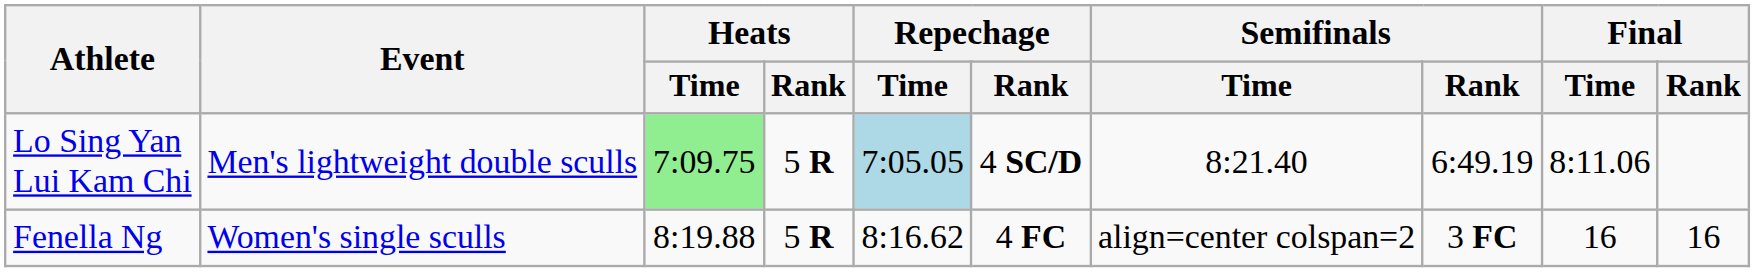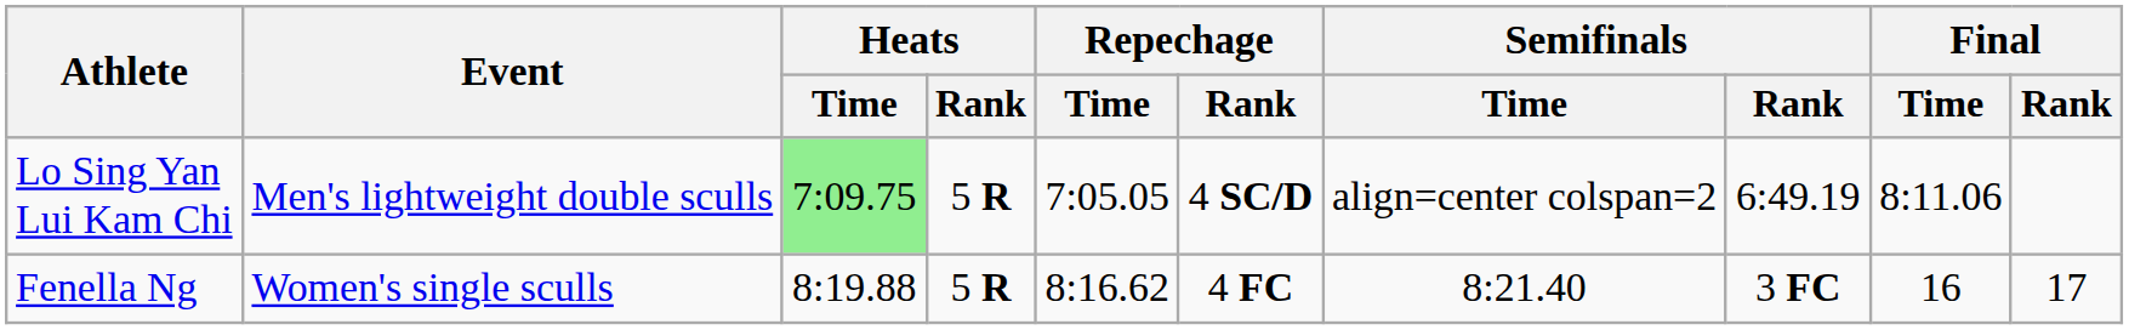 <table class="wikitable" style="font-size:90%;">
 <tr>
 <th rowspan="2">Athlete</th>
 <th rowspan="2">Event</th>
 <th colspan="2">Heats</th>
 <th colspan="2">Repechage</th>
 <th colspan="2">Semifinals</th>
 <th colspan="2">Final</th>
 </tr>
 <tr style="font-size:95%">
 <th>Time</th>
 <th>Rank</th>
 <th>Time</th>
 <th>Rank</th>
 <th>Time</th>
 <th>Rank</th>
 <th>Time</th>
 <th>Rank</th>
 </tr>
 <tr>
 <td align=left><a href='#'>Lo Sing Yan</a><br> <a href='#'>Lui Kam Chi</a></td>
 <td align=left><a href='#'>Men's lightweight double sculls</a></td>
 <td align=center style="background: lightgreen;">7:09.75</td>
 <td align=center>5 <strong>R</strong></td>
-<td align=center style="background: lightblue;">7:05.05</td>
+<td align=center>7:05.05</td>
 <td align=center>4 <strong>SC/D</strong></td>
-<td align=center>8:21.40</td>
+<td>align=center colspan=2 </td>
 <td align=center>6:49.19</td>
 <td align=center>8:11.06</td>
 </tr>
 <tr>
 <td align=left><a href='#'>Fenella Ng</a></td>
 <td align=left><a href='#'>Women's single sculls</a></td>
 <td align=center>8:19.88</td>
 <td align=center>5 <strong>R</strong></td>
 <td align=center>8:16.62</td>
 <td align=center>4 <strong>FC</strong></td>
-<td>align=center colspan=2 </td>
+<td align=center>8:21.40</td>
 <td align=center>3 <strong>FC</strong></td>
 <td align=center>16</td>
-<td align=center>16</td>
+<td align=center>17</td>
 </tr>
 </table>
